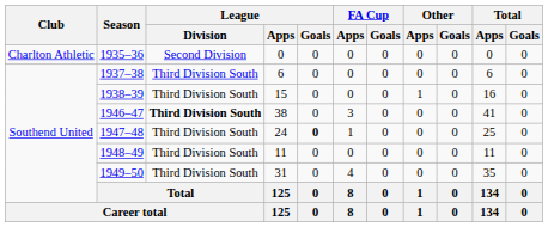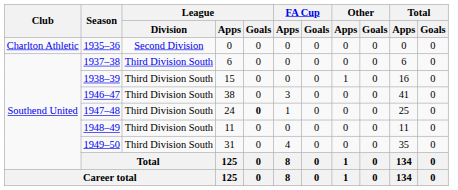 <table class="wikitable" style="text-align:center">
 <tr>
 <th rowspan="2">Club</th>
 <th rowspan="2">Season</th>
 <th colspan="3">League</th>
 <th colspan="2"><a href='#'>FA Cup</a></th>
 <th colspan="2">Other</th>
 <th colspan="2">Total</th>
 </tr>
 <tr>
 <th>Division</th>
 <th>Apps</th>
 <th>Goals</th>
 <th>Apps</th>
 <th>Goals</th>
 <th>Apps</th>
 <th>Goals</th>
 <th>Apps</th>
 <th>Goals</th>
 </tr>
 <tr>
 <td><a href='#'>Charlton Athletic</a></td>
 <td><a href='#'>1935–36</a></td>
 <td><a href='#'>Second Division</a></td>
 <td>0</td>
 <td>0</td>
 <td>0</td>
 <td>0</td>
 <td>0</td>
 <td>0</td>
 <td>0</td>
 <td>0</td>
 </tr>
 <tr>
 <td rowspan="7"><a href='#'>Southend United</a></td>
 <td><a href='#'>1937–38</a></td>
 <td><a href='#'>Third Division South</a></td>
 <td>6</td>
 <td>0</td>
 <td>0</td>
 <td>0</td>
 <td>0</td>
 <td>0</td>
 <td>6</td>
 <td>0</td>
 </tr>
 <tr>
 <td><a href='#'>1938–39</a></td>
 <td>Third Division South</td>
 <td>15</td>
 <td>0</td>
 <td>0</td>
 <td>0</td>
 <td>1</td>
 <td>0</td>
 <td>16</td>
 <td>0</td>
 </tr>
 <tr>
 <td><a href='#'>1946–47</a></td>
-<td><strong>Third Division South</strong></td>
+<td>Third Division South</td>
 <td>38</td>
 <td>0</td>
 <td>3</td>
 <td>0</td>
 <td>0</td>
 <td>0</td>
 <td>41</td>
 <td>0</td>
 </tr>
 <tr>
 <td><a href='#'>1947–48</a></td>
 <td>Third Division South</td>
 <td>24</td>
 <td><strong>0</strong></td>
 <td>1</td>
 <td>0</td>
 <td>0</td>
 <td>0</td>
 <td>25</td>
 <td>0</td>
 </tr>
 <tr>
 <td><a href='#'>1948–49</a></td>
 <td>Third Division South</td>
 <td>11</td>
 <td>0</td>
 <td>0</td>
 <td>0</td>
 <td>0</td>
 <td>0</td>
 <td>11</td>
 <td>0</td>
 </tr>
 <tr>
 <td><a href='#'>1949–50</a></td>
 <td>Third Division South</td>
 <td>31</td>
 <td>0</td>
 <td>4</td>
 <td>0</td>
 <td>0</td>
 <td>0</td>
 <td>35</td>
 <td>0</td>
 </tr>
 <tr>
 <th colspan="2">Total</th>
 <th>125</th>
 <th>0</th>
 <th>8</th>
 <th>0</th>
 <th>1</th>
 <th>0</th>
 <th>134</th>
 <th>0</th>
 </tr>
 <tr>
 <th colspan="3">Career total</th>
 <th>125</th>
 <th>0</th>
 <th>8</th>
 <th>0</th>
 <th>1</th>
 <th>0</th>
 <th>134</th>
 <th>0</th>
 </tr>
 </table>
